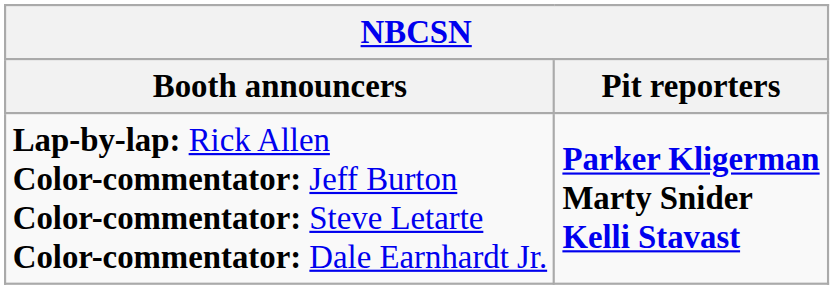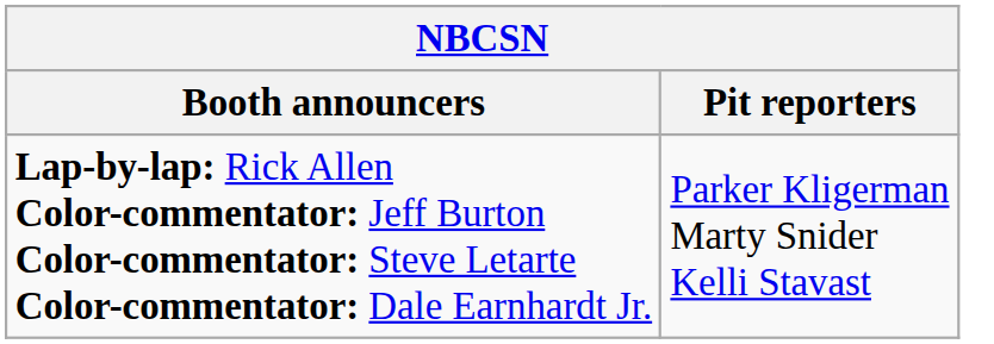 <table class="wikitable" style="font-size: 95%">
 <tr>
 <th colspan="2"><a href='#'>NBCSN</a></th>
 </tr>
 <tr>
 <th>Booth announcers</th>
 <th>Pit reporters</th>
 </tr>
 <tr>
 <td><strong>Lap-by-lap:</strong> <a href='#'>Rick Allen</a><br><strong>Color-commentator:</strong> <a href='#'>Jeff Burton</a><br><strong>Color-commentator:</strong> <a href='#'>Steve Letarte</a><br><strong>Color-commentator:</strong> <a href='#'>Dale Earnhardt Jr.</a></td>
-<td><strong><a href='#'>Parker Kligerman</a><br>Marty Snider<br><a href='#'>Kelli Stavast</a></strong></td>
+<td><a href='#'>Parker Kligerman</a><br>Marty Snider<br><a href='#'>Kelli Stavast</a></td>
 </tr>
 </table>
